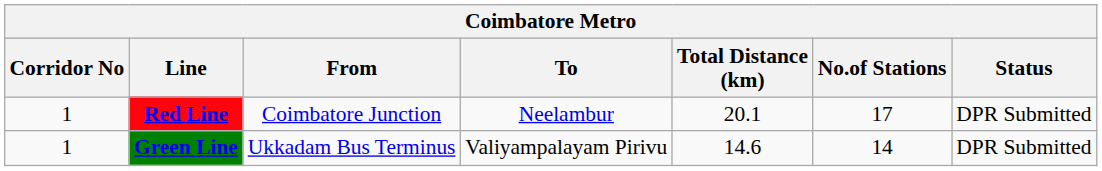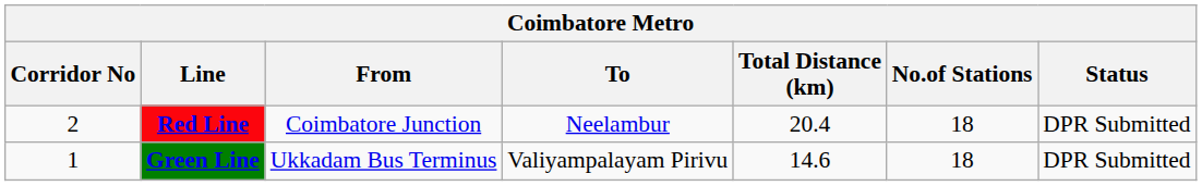 <table class="wikitable sortable">
 <tr>
 <th colspan="7">Coimbatore Metro</th>
 </tr>
 <tr>
 <th>Corridor No</th>
 <th>Line</th>
 <th>From</th>
 <th>To</th>
 <th>Total Distance<br>(km)</th>
 <th>No.of Stations</th>
 <th>Status</th>
 </tr>
 <tr>
-<td style="text-align:center;">1</td>
+<td style="text-align:center;">2</td>
 <td style="background:#fc050d; text-align: center;"><a href='#'><span><strong>Red Line</strong></span></a></td>
 <td style="text-align:center;"><a href='#'>Coimbatore Junction</a></td>
 <td style="text-align:center;"><a href='#'>Neelambur</a></td>
-<td style="text-align:center;">20.1</td>
-<td style="text-align:center;">17</td>
+<td style="text-align:center;">20.4</td>
+<td style="text-align:center;">18</td>
 <td style="text-align:center;">DPR Submitted</td>
 </tr>
 <tr>
 <td style="text-align:center;">1</td>
 <td style="background:#008000; text-align: center;"><a href='#'><span><strong>Green Line</strong></span></a></td>
 <td style="text-align:center;"><a href='#'>Ukkadam Bus Terminus</a></td>
 <td style="text-align:center;">Valiyampalayam Pirivu</td>
 <td style="text-align:center;">14.6</td>
-<td style="text-align:center;">14</td>
+<td style="text-align:center;">18</td>
 <td style="text-align:center;">DPR Submitted</td>
 </tr>
 </table>
